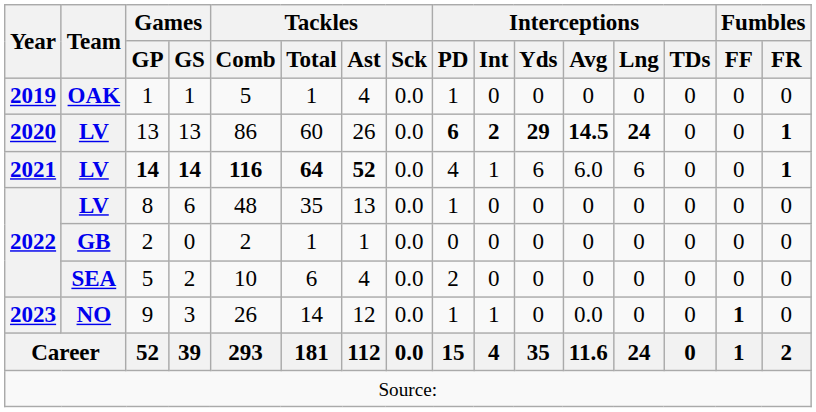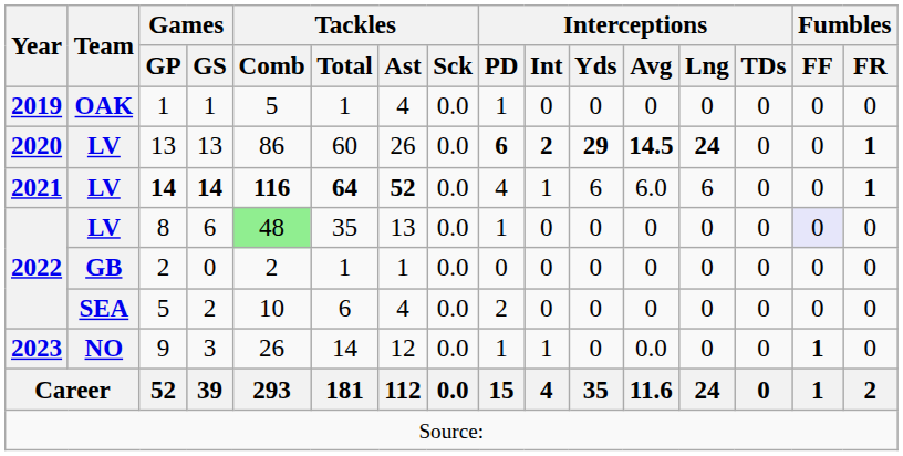 <table class="wikitable" style="text-align: center;">
 <tr>
 <th rowspan="2">Year</th>
 <th rowspan="2">Team</th>
 <th colspan="2">Games</th>
 <th colspan="4">Tackles</th>
 <th colspan="6">Interceptions</th>
 <th colspan="2">Fumbles</th>
 </tr>
 <tr>
 <th>GP</th>
 <th>GS</th>
 <th>Comb</th>
 <th>Total</th>
 <th>Ast</th>
 <th>Sck</th>
 <th>PD</th>
 <th>Int</th>
 <th>Yds</th>
 <th>Avg</th>
 <th>Lng</th>
 <th>TDs</th>
 <th>FF</th>
 <th>FR</th>
 </tr>
 <tr>
 <th><a href='#'>2019</a></th>
 <th><a href='#'>OAK</a></th>
 <td>1</td>
 <td>1</td>
 <td>5</td>
 <td>1</td>
 <td>4</td>
 <td>0.0</td>
 <td>1</td>
 <td>0</td>
 <td>0</td>
 <td>0</td>
 <td>0</td>
 <td>0</td>
 <td>0</td>
 <td>0</td>
 </tr>
 <tr>
 <th><a href='#'>2020</a></th>
 <th><a href='#'>LV</a></th>
 <td>13</td>
 <td>13</td>
 <td>86</td>
 <td>60</td>
 <td>26</td>
 <td>0.0</td>
 <td><strong>6</strong></td>
 <td><strong>2</strong></td>
 <td><strong>29</strong></td>
 <td><strong>14.5</strong></td>
 <td><strong>24</strong></td>
 <td>0</td>
 <td>0</td>
 <td><strong>1</strong></td>
 </tr>
 <tr>
 <th><a href='#'>2021</a></th>
 <th><a href='#'>LV</a></th>
 <td><strong>14</strong></td>
 <td><strong>14</strong></td>
 <td><strong>116</strong></td>
 <td><strong>64</strong></td>
 <td><strong>52</strong></td>
 <td>0.0</td>
 <td>4</td>
 <td>1</td>
 <td>6</td>
 <td>6.0</td>
 <td>6</td>
 <td>0</td>
 <td>0</td>
 <td><strong>1</strong></td>
 </tr>
 <tr>
 <th rowspan=3><a href='#'>2022</a></th>
 <th><a href='#'>LV</a></th>
 <td>8</td>
 <td>6</td>
-<td>48</td>
+<td style="background: lightgreen;">48</td>
 <td>35</td>
 <td>13</td>
 <td>0.0</td>
 <td>1</td>
 <td>0</td>
 <td>0</td>
 <td>0</td>
 <td>0</td>
 <td>0</td>
-<td>0</td>
+<td style="background: lavender;">0</td>
 <td>0</td>
 </tr>
 <tr>
 <th><a href='#'>GB</a></th>
 <td>2</td>
 <td>0</td>
 <td>2</td>
 <td>1</td>
 <td>1</td>
 <td>0.0</td>
 <td>0</td>
 <td>0</td>
 <td>0</td>
 <td>0</td>
 <td>0</td>
 <td>0</td>
 <td>0</td>
 <td>0</td>
 </tr>
 <tr>
 <th><a href='#'>SEA</a></th>
 <td>5</td>
 <td>2</td>
 <td>10</td>
 <td>6</td>
 <td>4</td>
 <td>0.0</td>
 <td>2</td>
 <td>0</td>
 <td>0</td>
 <td>0</td>
 <td>0</td>
 <td>0</td>
 <td>0</td>
 <td>0</td>
 </tr>
 <tr>
 <th><a href='#'>2023</a></th>
 <th><a href='#'>NO</a></th>
 <td>9</td>
 <td>3</td>
 <td>26</td>
 <td>14</td>
 <td>12</td>
 <td>0.0</td>
 <td>1</td>
 <td>1</td>
 <td>0</td>
 <td>0.0</td>
 <td>0</td>
 <td>0</td>
 <td><strong>1</strong></td>
 <td>0</td>
 </tr>
 <tr>
 <th colspan="2">Career</th>
 <th>52</th>
 <th>39</th>
 <th>293</th>
 <th>181</th>
 <th>112</th>
 <th>0.0</th>
 <th>15</th>
 <th>4</th>
 <th>35</th>
 <th>11.6</th>
 <th>24</th>
 <th>0</th>
 <th>1</th>
 <th>2</th>
 </tr>
 <tr>
 <td colspan="18"><small>Source: </small></td>
 </tr>
 </table>
